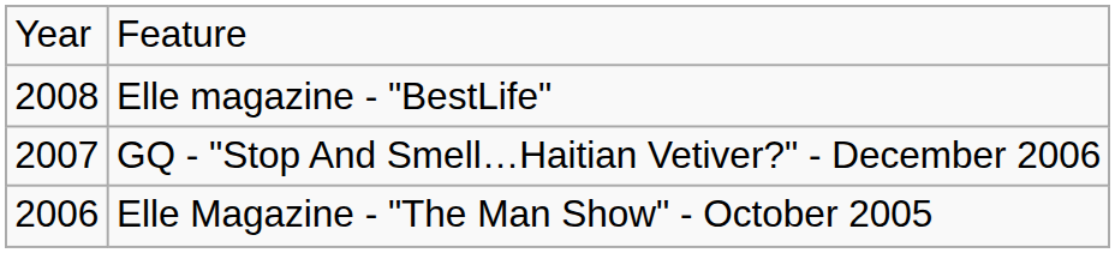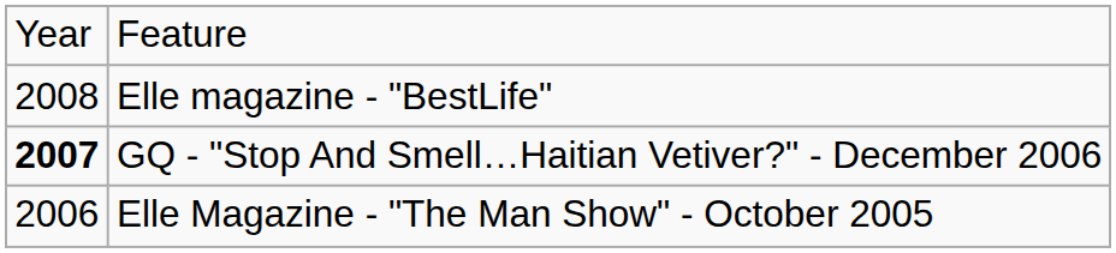 <table class="wikitable sortable">
 <tr>
 <td>Year</td>
 <td>Feature</td>
 </tr>
 <tr>
 <td>2008</td>
 <td>Elle magazine - "BestLife"</td>
 </tr>
 <tr>
-<td>2007</td>
+<td><strong>2007</strong></td>
 <td>GQ - "Stop And Smell…Haitian Vetiver?" - December 2006</td>
 </tr>
 <tr>
 <td>2006</td>
 <td>Elle Magazine - "The Man Show" - October 2005</td>
 </tr>
 </table>
